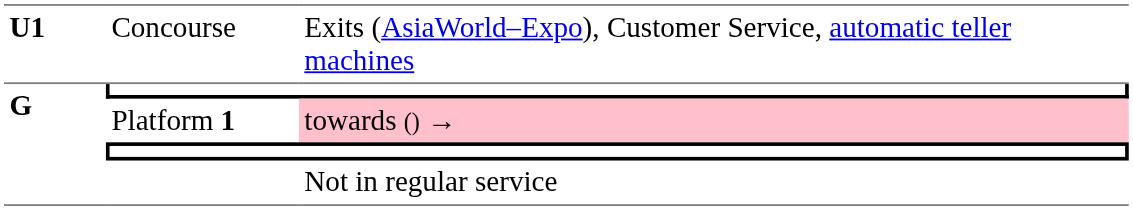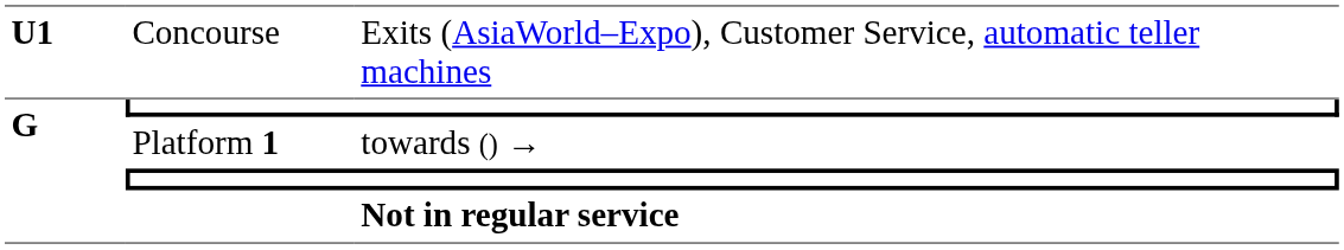 <table border=0 cellspacing=0 cellpadding=3>
 <tr>
 <td style="border-top:solid 1px gray;border-bottom:solid 1px gray;width:50px;vertical-align:top;"><strong>U1</strong></td>
 <td style="border-top:solid 1px gray;border-bottom:solid 1px gray;width:100px;vertical-align:top;">Concourse</td>
 <td style="border-top:solid 1px gray;border-bottom:solid 1px gray;width:450px;vertical-align:top;">Exits (<a href='#'>AsiaWorld–Expo</a>), Customer Service, <a href='#'>automatic teller machines</a></td>
 </tr>
 <tr>
 <td style="border-bottom:solid 1px gray;vertical-align:top;" rowspan=4><strong>G</strong></td>
 <td style="border-right:solid 2px black;border-left:solid 2px black;border-bottom:solid 2px black;text-align:center;" colspan=2></td>
 </tr>
 <tr>
 <td>Platform <span><strong>1</strong></span></td>
-<td style="background: pink;"> towards  <small>()</small> →</td>
+<td> towards  <small>()</small> →</td>
 </tr>
 <tr>
 <td style="border-top:solid 2px black;border-right:solid 2px black;border-left:solid 2px black;border-bottom:solid 2px black;text-align:center;" colspan=2></td>
 </tr>
 <tr>
 <td style="border-bottom:solid 1px gray;"></td>
-<td style="border-bottom:solid 1px gray;">Not in regular service</td>
+<td style="border-bottom:solid 1px gray;"><strong>Not in regular service</strong></td>
 </tr>
 </table>
